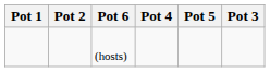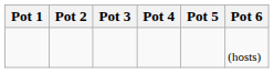 <table class="wikitable">
 <tr>
 <th width=15%>Pot 1</th>
 <th width=15%>Pot 2</th>
-<th width=15%>Pot 6</th>
+<th width=15%>Pot 3</th>
 <th width=15%>Pot 4</th>
 <th width=15%>Pot 5</th>
-<th width=15%>Pot 3</th>
+<th width=15%>Pot 6</th>
 </tr>
 <tr>
 <td valign="top"><br></td>
 <td valign="top"><br></td>
-<td valign="top"><br> <small>(hosts)</small></td>
 <td valign="top"><br></td>
 <td valign="top"><br></td>
 <td valign="top"><br></td>
+<td valign="top"><br> <small>(hosts)</small></td>
 </tr>
 </table>
